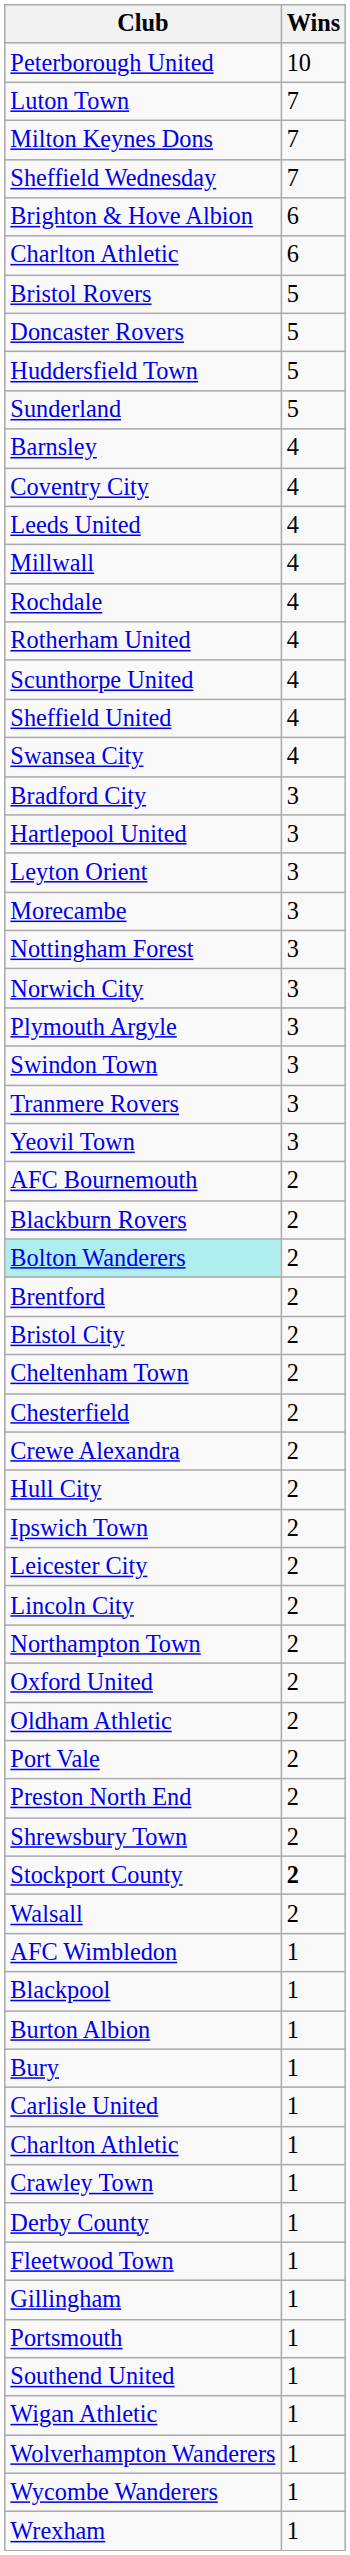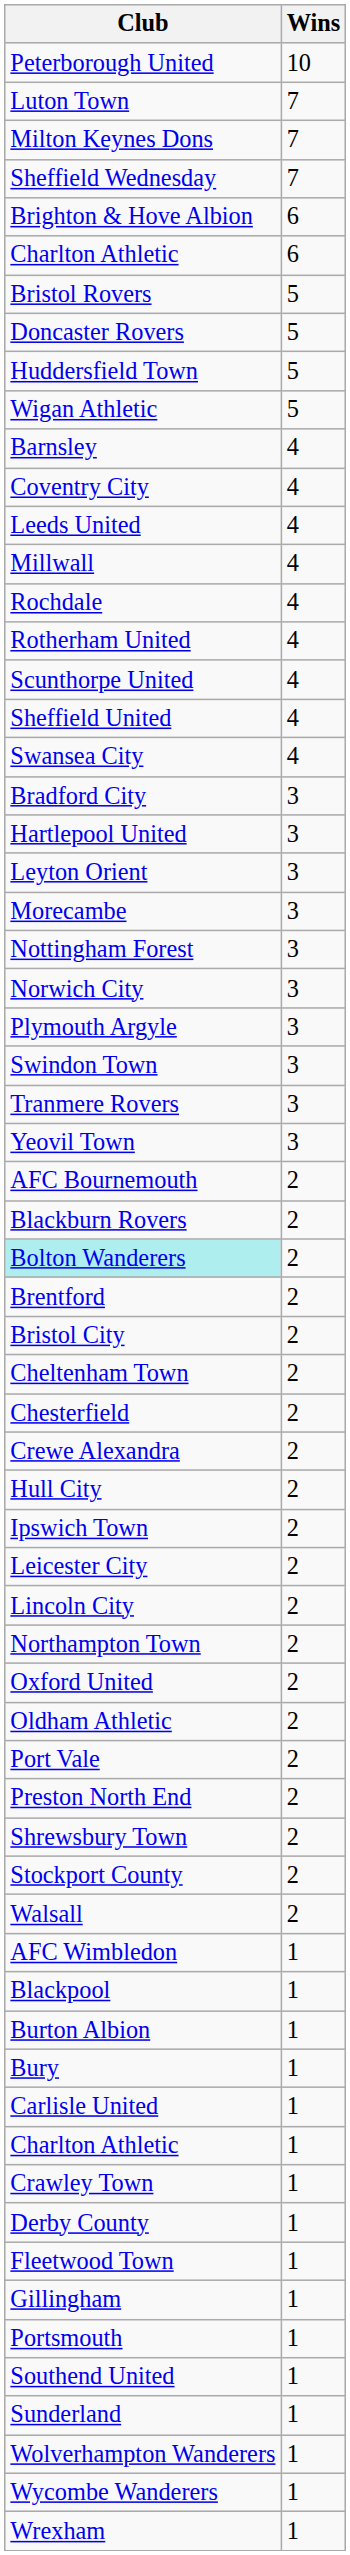 <table class="wikitable sortable">
 <tr>
 <th>Club</th>
 <th data-sort-type=number>Wins</th>
 </tr>
 <tr>
 <td><a href='#'>Peterborough United</a></td>
 <td>10</td>
 </tr>
 <tr>
 <td><a href='#'>Luton Town</a></td>
 <td>7</td>
 </tr>
 <tr>
 <td><a href='#'>Milton Keynes Dons</a></td>
 <td>7</td>
 </tr>
 <tr>
 <td><a href='#'>Sheffield Wednesday</a></td>
 <td>7</td>
 </tr>
 <tr>
 <td><a href='#'>Brighton & Hove Albion</a></td>
 <td>6</td>
 </tr>
 <tr>
 <td><a href='#'>Charlton Athletic</a></td>
 <td>6</td>
 </tr>
 <tr>
 <td><a href='#'>Bristol Rovers</a></td>
 <td>5</td>
 </tr>
 <tr>
 <td><a href='#'>Doncaster Rovers</a></td>
 <td>5</td>
 </tr>
 <tr>
 <td><a href='#'>Huddersfield Town</a></td>
 <td>5</td>
 </tr>
 <tr>
-<td><a href='#'>Sunderland</a></td>
+<td><a href='#'>Wigan Athletic</a></td>
 <td>5</td>
 </tr>
 <tr>
 <td><a href='#'>Barnsley</a></td>
 <td>4</td>
 </tr>
 <tr>
 <td><a href='#'>Coventry City</a></td>
 <td>4</td>
 </tr>
 <tr>
 <td><a href='#'>Leeds United</a></td>
 <td>4</td>
 </tr>
 <tr>
 <td><a href='#'>Millwall</a></td>
 <td>4</td>
 </tr>
 <tr>
 <td><a href='#'>Rochdale</a></td>
 <td>4</td>
 </tr>
 <tr>
 <td><a href='#'>Rotherham United</a></td>
 <td>4</td>
 </tr>
 <tr>
 <td><a href='#'>Scunthorpe United</a></td>
 <td>4</td>
 </tr>
 <tr>
 <td><a href='#'>Sheffield United</a></td>
 <td>4</td>
 </tr>
 <tr>
 <td><a href='#'>Swansea City</a></td>
 <td>4</td>
 </tr>
 <tr>
 <td><a href='#'>Bradford City</a></td>
 <td>3</td>
 </tr>
 <tr>
 <td><a href='#'>Hartlepool United</a></td>
 <td>3</td>
 </tr>
 <tr>
 <td><a href='#'>Leyton Orient</a></td>
 <td>3</td>
 </tr>
 <tr>
 <td><a href='#'>Morecambe</a></td>
 <td>3</td>
 </tr>
 <tr>
 <td><a href='#'>Nottingham Forest</a></td>
 <td>3</td>
 </tr>
 <tr>
 <td><a href='#'>Norwich City</a></td>
 <td>3</td>
 </tr>
 <tr>
 <td><a href='#'>Plymouth Argyle</a></td>
 <td>3</td>
 </tr>
 <tr>
 <td><a href='#'>Swindon Town</a></td>
 <td>3</td>
 </tr>
 <tr>
 <td><a href='#'>Tranmere Rovers</a></td>
 <td>3</td>
 </tr>
 <tr>
 <td><a href='#'>Yeovil Town</a></td>
 <td>3</td>
 </tr>
 <tr>
 <td><a href='#'>AFC Bournemouth</a></td>
 <td>2</td>
 </tr>
 <tr>
 <td><a href='#'>Blackburn Rovers</a></td>
 <td>2</td>
 </tr>
 <tr>
 <td style="background: paleturquoise;"><a href='#'>Bolton Wanderers</a></td>
 <td>2</td>
 </tr>
 <tr>
 <td><a href='#'>Brentford</a></td>
 <td>2</td>
 </tr>
 <tr>
 <td><a href='#'>Bristol City</a></td>
 <td>2</td>
 </tr>
 <tr>
 <td><a href='#'>Cheltenham Town</a></td>
 <td>2</td>
 </tr>
 <tr>
 <td><a href='#'>Chesterfield</a></td>
 <td>2</td>
 </tr>
 <tr>
 <td><a href='#'>Crewe Alexandra</a></td>
 <td>2</td>
 </tr>
 <tr>
 <td><a href='#'>Hull City</a></td>
 <td>2</td>
 </tr>
 <tr>
 <td><a href='#'>Ipswich Town</a></td>
 <td>2</td>
 </tr>
 <tr>
 <td><a href='#'>Leicester City</a></td>
 <td>2</td>
 </tr>
 <tr>
 <td><a href='#'>Lincoln City</a></td>
 <td>2</td>
 </tr>
 <tr>
 <td><a href='#'>Northampton Town</a></td>
 <td>2</td>
 </tr>
 <tr>
 <td><a href='#'>Oxford United</a></td>
 <td>2</td>
 </tr>
 <tr>
 <td><a href='#'>Oldham Athletic</a></td>
 <td>2</td>
 </tr>
 <tr>
 <td><a href='#'>Port Vale</a></td>
 <td>2</td>
 </tr>
 <tr>
 <td><a href='#'>Preston North End</a></td>
 <td>2</td>
 </tr>
 <tr>
 <td><a href='#'>Shrewsbury Town</a></td>
 <td>2</td>
 </tr>
 <tr>
 <td><a href='#'>Stockport County</a></td>
-<td><strong>2</strong></td>
+<td>2</td>
 </tr>
 <tr>
 <td><a href='#'>Walsall</a></td>
 <td>2</td>
 </tr>
 <tr>
 <td><a href='#'>AFC Wimbledon</a></td>
 <td>1</td>
 </tr>
 <tr>
 <td><a href='#'>Blackpool</a></td>
 <td>1</td>
 </tr>
 <tr>
 <td><a href='#'>Burton Albion</a></td>
 <td>1</td>
 </tr>
 <tr>
 <td><a href='#'>Bury</a></td>
 <td>1</td>
 </tr>
 <tr>
 <td><a href='#'>Carlisle United</a></td>
 <td>1</td>
 </tr>
 <tr>
 <td><a href='#'>Charlton Athletic</a></td>
 <td>1</td>
 </tr>
 <tr>
 <td><a href='#'>Crawley Town</a></td>
 <td>1</td>
 </tr>
 <tr>
 <td><a href='#'>Derby County</a></td>
 <td>1</td>
 </tr>
 <tr>
 <td><a href='#'>Fleetwood Town</a></td>
 <td>1</td>
 </tr>
 <tr>
 <td><a href='#'>Gillingham</a></td>
 <td>1</td>
 </tr>
 <tr>
 <td><a href='#'>Portsmouth</a></td>
 <td>1</td>
 </tr>
 <tr>
 <td><a href='#'>Southend United</a></td>
 <td>1</td>
 </tr>
 <tr>
-<td><a href='#'>Wigan Athletic</a></td>
+<td><a href='#'>Sunderland</a></td>
 <td>1</td>
 </tr>
 <tr>
 <td><a href='#'>Wolverhampton Wanderers</a></td>
 <td>1</td>
 </tr>
 <tr>
 <td><a href='#'>Wycombe Wanderers</a></td>
 <td>1</td>
 </tr>
 <tr>
 <td><a href='#'>Wrexham</a></td>
 <td>1</td>
 </tr>
 </table>
